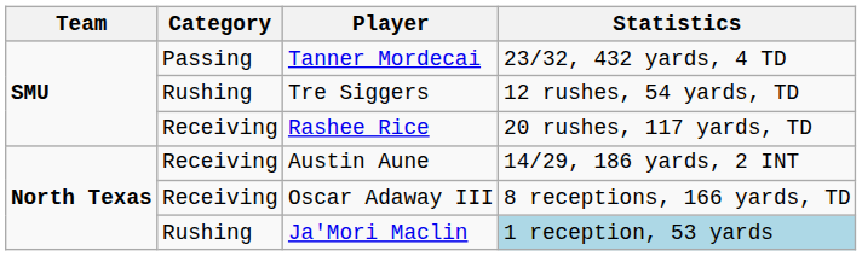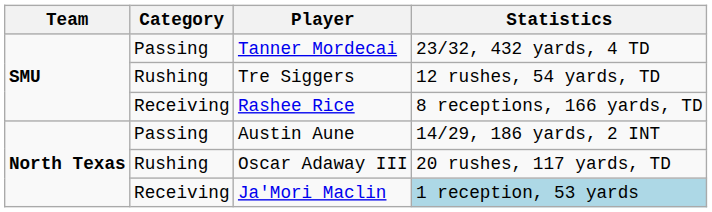 <table class="wikitable" style="float: left;">
 <tr>
 <th>Team</th>
 <th>Category</th>
 <th>Player</th>
 <th>Statistics</th>
 </tr>
 <tr>
 <td rowspan=3><strong>SMU</strong></td>
 <td>Passing</td>
 <td><a href='#'>Tanner Mordecai</a></td>
 <td>23/32, 432 yards, 4 TD</td>
 </tr>
 <tr>
 <td>Rushing</td>
 <td>Tre Siggers</td>
 <td>12 rushes, 54 yards, TD</td>
 </tr>
 <tr>
 <td>Receiving</td>
 <td><a href='#'>Rashee Rice</a></td>
-<td>20 rushes, 117 yards, TD</td>
+<td>8 receptions, 166 yards, TD</td>
 </tr>
 <tr>
 <td rowspan=3><strong>North Texas</strong></td>
-<td>Receiving</td>
+<td>Passing</td>
 <td>Austin Aune</td>
 <td>14/29, 186 yards, 2 INT</td>
 </tr>
 <tr>
-<td>Receiving</td>
+<td>Rushing</td>
 <td>Oscar Adaway III</td>
-<td>8 receptions, 166 yards, TD</td>
+<td>20 rushes, 117 yards, TD</td>
 </tr>
 <tr>
-<td>Rushing</td>
+<td>Receiving</td>
 <td><a href='#'>Ja'Mori Maclin</a></td>
 <td style="background: lightblue;">1 reception, 53 yards</td>
 </tr>
 </table>
